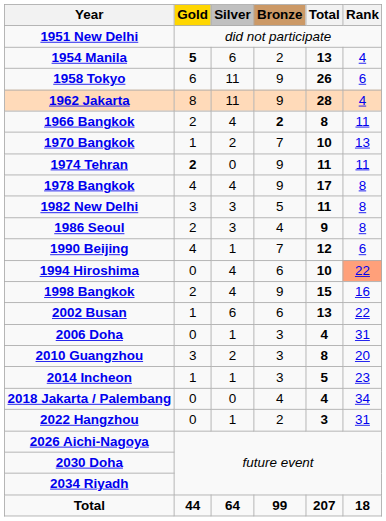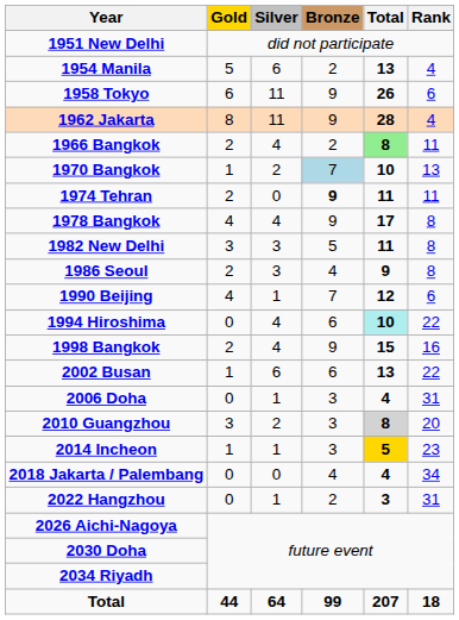 <table class="wikitable sortable" style="text-align:center">
 <tr>
 <th align=center><strong>Year</strong></th>
 <td align=center bgcolor=gold><strong> Gold</strong></td>
 <td align=center bgcolor=silver><strong>Silver</strong></td>
 <td align="center" bgcolor="#cc9966"><strong>Bronze</strong></td>
 <th align=center><strong>Total</strong></th>
 <th><strong>Rank</strong></th>
 </tr>
 <tr>
 <td><strong><a href='#'>1951 New Delhi</a></strong> </td>
 <td colspan="5"><em>did not participate</em></td>
 </tr>
 <tr>
 <td><strong><a href='#'>1954 Manila</a></strong> </td>
-<td><strong>5</strong></td>
+<td>5</td>
 <td>6</td>
 <td>2</td>
 <td><strong>13</strong></td>
 <td><a href='#'>4</a></td>
 </tr>
 <tr>
 <td><strong><a href='#'>1958 Tokyo</a></strong> </td>
 <td>6</td>
 <td>11</td>
 <td>9</td>
 <td><strong>26</strong></td>
 <td><a href='#'>6</a></td>
 </tr>
 <tr bgcolor=ffdab9>
 <td><strong><a href='#'>1962 Jakarta</a></strong> </td>
 <td>8</td>
 <td>11</td>
 <td>9</td>
 <td><strong>28</strong></td>
 <td><a href='#'>4</a></td>
 </tr>
 <tr>
 <td><strong><a href='#'>1966 Bangkok</a></strong> </td>
 <td>2</td>
 <td>4</td>
-<td><strong>2</strong></td>
-<td><strong>8</strong></td>
+<td>2</td>
+<td style="background: lightgreen;"><strong>8</strong></td>
 <td><a href='#'>11</a></td>
 </tr>
 <tr>
 <td><strong><a href='#'>1970 Bangkok</a></strong> </td>
 <td>1</td>
 <td>2</td>
-<td>7</td>
+<td style="background: lightblue;">7</td>
 <td><strong>10</strong></td>
 <td><a href='#'>13</a></td>
 </tr>
 <tr>
 <td><strong><a href='#'>1974 Tehran</a></strong> </td>
-<td><strong>2</strong></td>
+<td>2</td>
 <td>0</td>
-<td>9</td>
+<td><strong>9</strong></td>
 <td><strong>11</strong></td>
 <td><a href='#'>11</a></td>
 </tr>
 <tr>
 <td><strong><a href='#'>1978 Bangkok</a></strong> </td>
 <td>4</td>
 <td>4</td>
 <td>9</td>
 <td><strong>17</strong></td>
 <td><a href='#'>8</a></td>
 </tr>
 <tr>
 <td><strong><a href='#'>1982 New Delhi</a></strong> </td>
 <td>3</td>
 <td>3</td>
 <td>5</td>
 <td><strong>11</strong></td>
 <td><a href='#'>8</a></td>
 </tr>
 <tr>
 <td><strong><a href='#'>1986 Seoul</a></strong> </td>
 <td>2</td>
 <td>3</td>
 <td>4</td>
 <td><strong>9</strong></td>
 <td><a href='#'>8</a></td>
 </tr>
 <tr>
 <td><strong><a href='#'>1990 Beijing</a></strong> </td>
 <td>4</td>
 <td>1</td>
 <td>7</td>
 <td><strong>12</strong></td>
 <td><a href='#'>6</a></td>
 </tr>
 <tr>
 <td><strong><a href='#'>1994 Hiroshima</a></strong> </td>
 <td>0</td>
 <td>4</td>
 <td>6</td>
-<td><strong>10</strong></td>
-<td style="background: lightsalmon;"><a href='#'>22</a></td>
+<td style="background: paleturquoise;"><strong>10</strong></td>
+<td><a href='#'>22</a></td>
 </tr>
 <tr>
 <td><strong><a href='#'>1998 Bangkok</a></strong> </td>
 <td>2</td>
 <td>4</td>
 <td>9</td>
 <td><strong>15</strong></td>
 <td><a href='#'>16</a></td>
 </tr>
 <tr>
 <td><strong><a href='#'>2002 Busan</a></strong> </td>
 <td>1</td>
 <td>6</td>
 <td>6</td>
 <td><strong>13</strong></td>
 <td><a href='#'>22</a></td>
 </tr>
 <tr>
 <td><strong><a href='#'>2006 Doha</a></strong> </td>
 <td>0</td>
 <td>1</td>
 <td>3</td>
 <td><strong>4</strong></td>
 <td><a href='#'>31</a></td>
 </tr>
 <tr>
 <td><strong><a href='#'>2010 Guangzhou</a></strong> </td>
 <td>3</td>
 <td>2</td>
 <td>3</td>
-<td><strong>8</strong></td>
+<td style="background: lightgrey;"><strong>8</strong></td>
 <td><a href='#'>20</a></td>
 </tr>
 <tr>
 <td><strong><a href='#'>2014 Incheon</a></strong> </td>
 <td>1</td>
 <td>1</td>
 <td>3</td>
-<td><strong>5</strong></td>
+<td style="background: gold;"><strong>5</strong></td>
 <td><a href='#'>23</a></td>
 </tr>
 <tr>
 <td><strong><a href='#'>2018 Jakarta / Palembang</a></strong> </td>
 <td>0</td>
 <td>0</td>
 <td>4</td>
 <td><strong>4</strong></td>
 <td><a href='#'>34</a></td>
 </tr>
 <tr>
 <td><strong><a href='#'>2022 Hangzhou</a></strong> </td>
 <td>0</td>
 <td>1</td>
 <td>2</td>
 <td><strong>3</strong></td>
 <td><a href='#'>31</a></td>
 </tr>
 <tr>
 <td><strong><a href='#'>2026 Aichi-Nagoya</a></strong> </td>
 <td colspan="5" rowspan="3"><em>future event</em></td>
 </tr>
 <tr>
 <td><strong><a href='#'>2030 Doha</a></strong> </td>
 </tr>
 <tr>
 <td><strong><a href='#'>2034 Riyadh</a></strong> </td>
 </tr>
 <tr>
 <td><strong>Total</strong></td>
 <td><strong>44</strong></td>
 <td><strong>64</strong></td>
 <td><strong>99</strong></td>
 <td><strong>207</strong></td>
 <td><strong>18</strong></td>
 </tr>
 </table>
